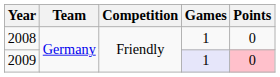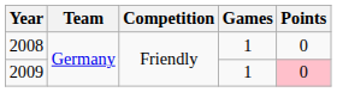 <table class="wikitable">
 <tr>
 <th>Year</th>
 <th>Team</th>
 <th>Competition</th>
 <th>Games</th>
 <th>Points</th>
 </tr>
 <tr align="center">
 <td>2008</td>
 <td rowspan=2><a href='#'>Germany</a></td>
 <td rowspan=2>Friendly</td>
 <td>1</td>
 <td>0</td>
 </tr>
 <tr align="center">
 <td>2009</td>
-<td style="background: lavender;">1</td>
+<td>1</td>
 <td style="background: pink;">0</td>
 </tr>
 </table>
